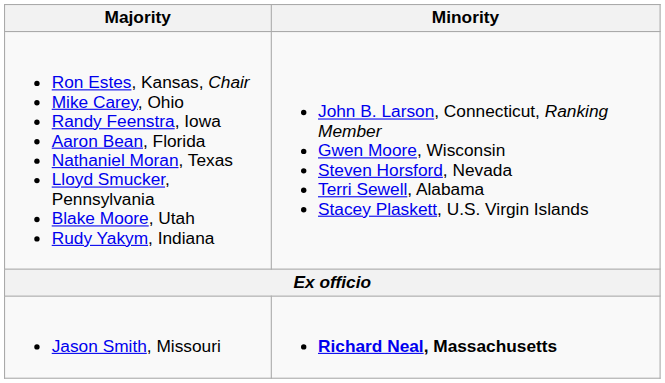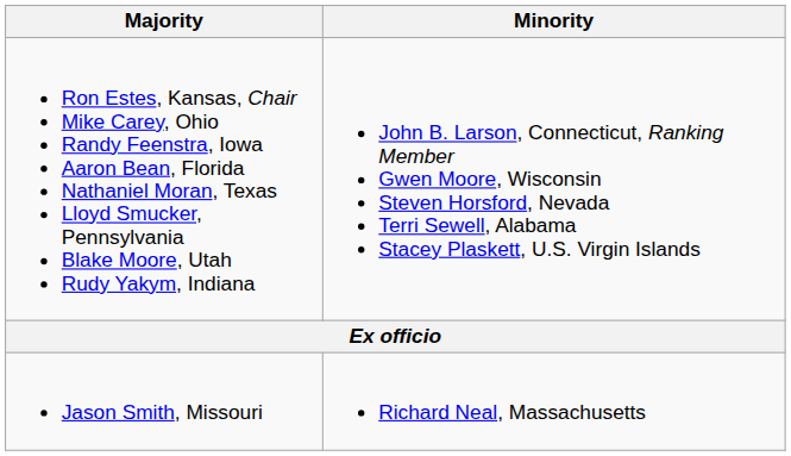 <table class=wikitable>
 <tr>
 <th>Majority</th>
 <th>Minority</th>
 </tr>
 <tr>
 <td><br><ul><li><a href='#'>Ron Estes</a>, Kansas, <em>Chair</em></li><li><a href='#'>Mike Carey</a>, Ohio</li><li><a href='#'>Randy Feenstra</a>, Iowa</li><li><a href='#'>Aaron Bean</a>, Florida</li><li><a href='#'>Nathaniel Moran</a>, Texas</li><li><a href='#'>Lloyd Smucker</a>, Pennsylvania</li><li><a href='#'>Blake Moore</a>, Utah</li><li><a href='#'>Rudy Yakym</a>, Indiana</li></ul></td>
 <td><br><ul><li><a href='#'>John B. Larson</a>, Connecticut, <em>Ranking Member</em></li><li><a href='#'>Gwen Moore</a>, Wisconsin</li><li><a href='#'>Steven Horsford</a>, Nevada</li><li><a href='#'>Terri Sewell</a>, Alabama</li><li><a href='#'>Stacey Plaskett</a>, U.S. Virgin Islands</li></ul></td>
 </tr>
 <tr>
 <th colspan=2><em>Ex officio</em></th>
 </tr>
 <tr>
 <td><br><ul><li><a href='#'>Jason Smith</a>, Missouri</li></ul></td>
-<td><strong><br><ul><li><a href='#'>Richard Neal</a>, Massachusetts</li></ul></strong></td>
+<td><br><ul><li><a href='#'>Richard Neal</a>, Massachusetts</li></ul></td>
 </tr>
 </table>
